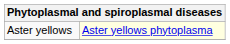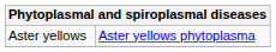 <table class="wikitable" style="clear">
 <tr>
 <th colspan=2><strong>Phytoplasmal and spiroplasmal  diseases</strong><br></th>
 </tr>
 <tr>
 <td>Aster yellows</td>
-<td style="background: lightyellow;"><a href='#'>Aster yellows phytoplasma</a></td>
+<td><a href='#'>Aster yellows phytoplasma</a></td>
 </tr>
 <tr>
 </tr>
 </table>
